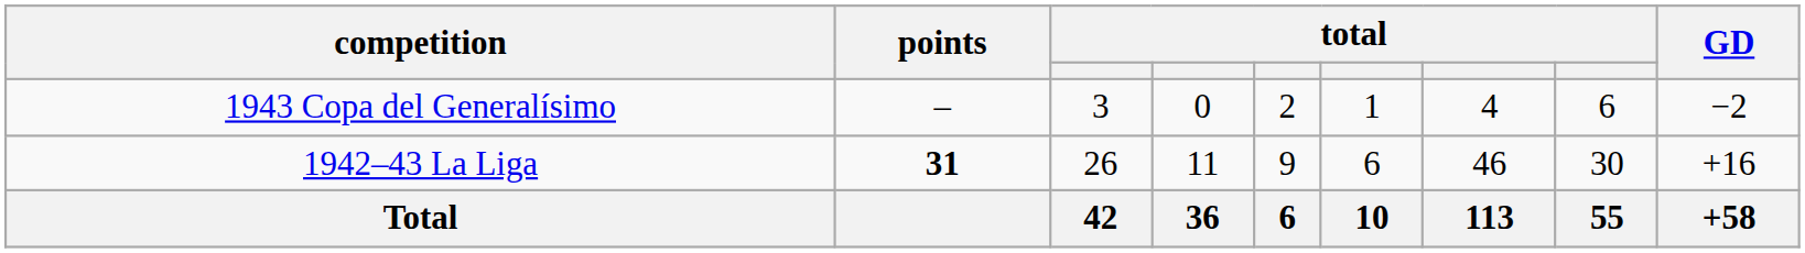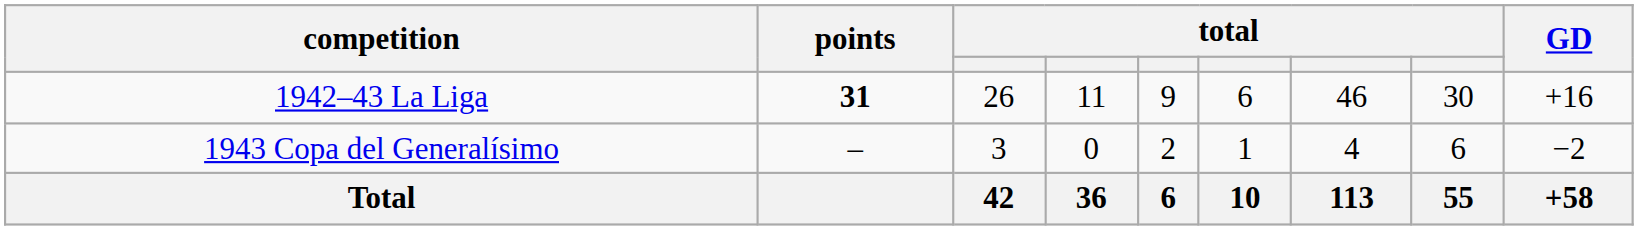 <table class="wikitable" style="font-size:90%;width:60%;float:left;text-align:center;">
 <tr>
 <th rowspan="2">competition</th>
 <th rowspan="2">points</th>
 <th colspan="6">total</th>
 <th rowspan="2"><a href='#'>GD</a></th>
 </tr>
 <tr>
 <th></th>
 <th></th>
 <th></th>
 <th></th>
 <th></th>
 <th></th>
 </tr>
 <tr>
+<td><a href='#'>1942–43 La Liga</a></td>
+<td><strong>31</strong></td>
+<td>26</td>
+<td>11</td>
+<td>9</td>
+<td>6</td>
+<td>46</td>
+<td>30</td>
+<td>+16</td>
+</tr>
+<tr>
 <td><a href='#'>1943 Copa del Generalísimo</a></td>
 <td>–</td>
 <td>3</td>
 <td>0</td>
 <td>2</td>
 <td>1</td>
 <td>4</td>
 <td>6</td>
 <td>−2</td>
-</tr>
-<tr>
-<td><a href='#'>1942–43 La Liga</a></td>
-<td><strong>31</strong></td>
-<td>26</td>
-<td>11</td>
-<td>9</td>
-<td>6</td>
-<td>46</td>
-<td>30</td>
-<td>+16</td>
 </tr>
 <tr>
 <th>Total</th>
 <th></th>
 <th>42</th>
 <th>36</th>
 <th>6</th>
 <th>10</th>
 <th>113</th>
 <th>55</th>
 <th>+58</th>
 </tr>
 </table>
